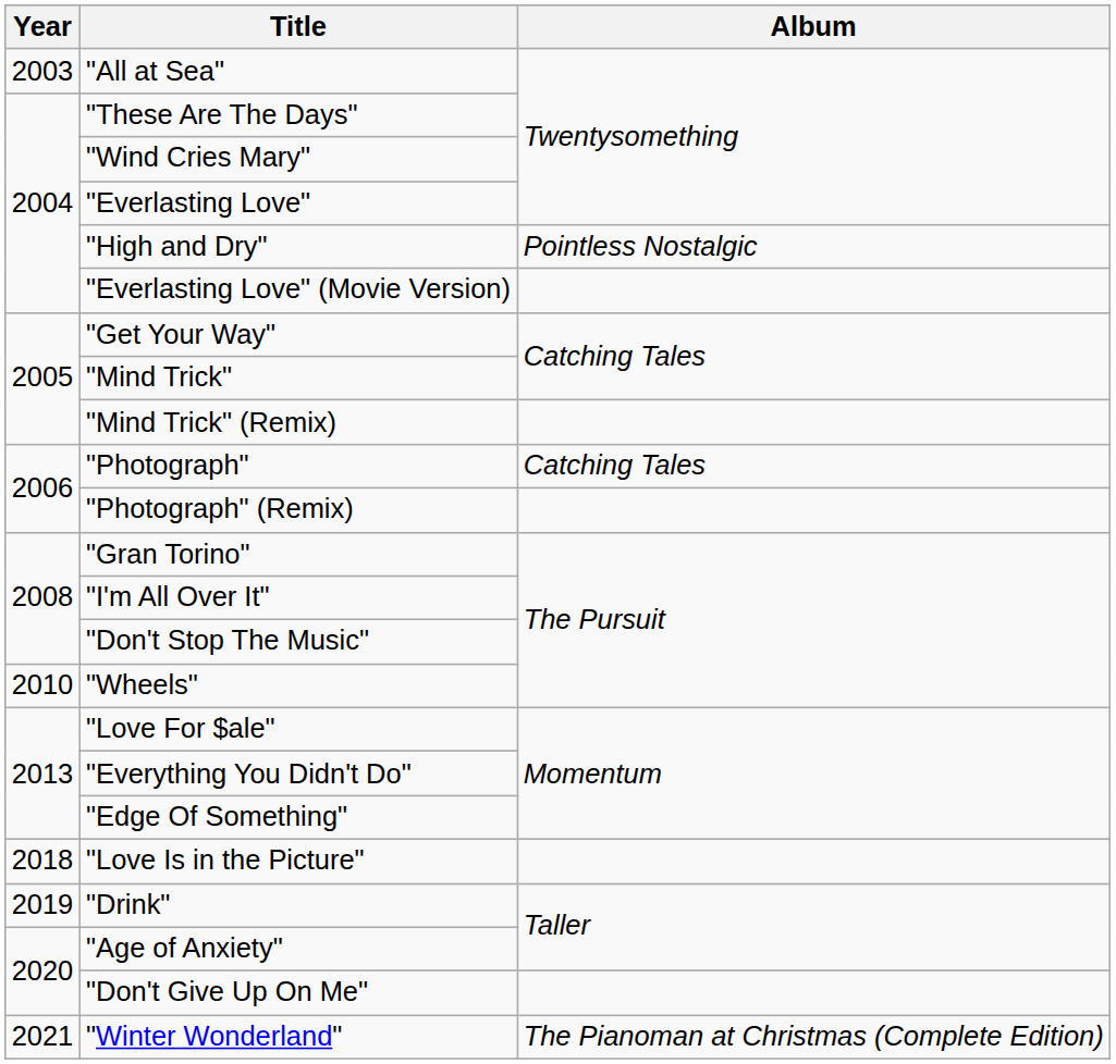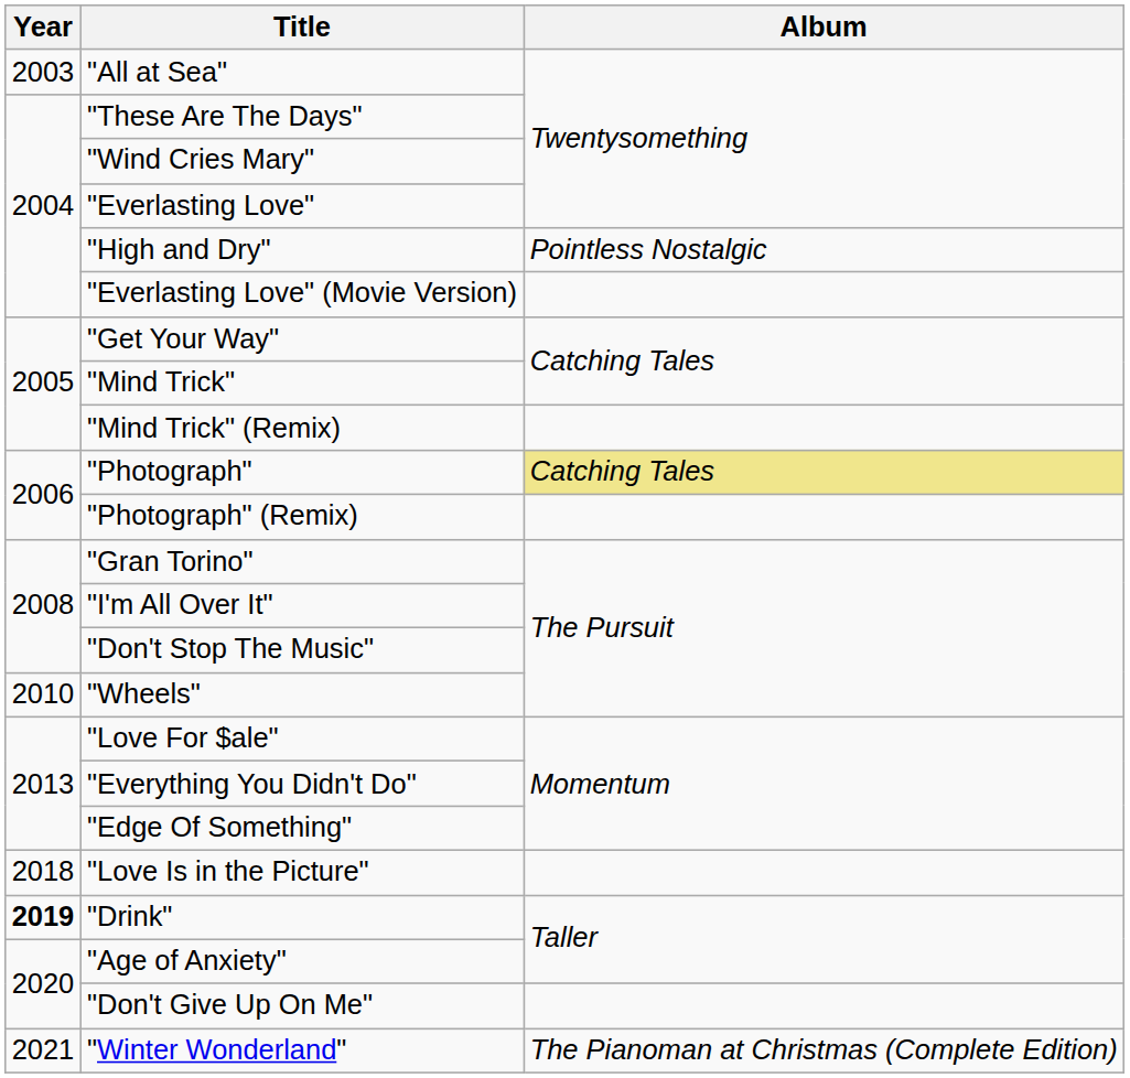 <table class="wikitable">
 <tr>
 <th>Year</th>
 <th>Title</th>
 <th>Album</th>
 </tr>
 <tr>
 <td>2003</td>
 <td>"All at Sea"</td>
 <td rowspan=4><em>Twentysomething</em></td>
 </tr>
 <tr>
 <td rowspan=5>2004</td>
 <td>"These Are The Days"</td>
 </tr>
 <tr>
 <td>"Wind Cries Mary"</td>
 </tr>
 <tr>
 <td>"Everlasting Love"</td>
 </tr>
 <tr>
 <td>"High and Dry"</td>
 <td><em>Pointless Nostalgic</em></td>
 </tr>
 <tr>
 <td>"Everlasting Love" (Movie Version)</td>
 <td></td>
 </tr>
 <tr>
 <td rowspan=3>2005</td>
 <td>"Get Your Way"</td>
 <td rowspan=2><em>Catching Tales</em></td>
 </tr>
 <tr>
 <td>"Mind Trick"</td>
 </tr>
 <tr>
 <td>"Mind Trick" (Remix)</td>
 <td></td>
 </tr>
 <tr>
 <td rowspan=2>2006</td>
 <td>"Photograph"</td>
-<td><em>Catching Tales</em></td>
+<td style="background: khaki;"><em>Catching Tales</em></td>
 </tr>
 <tr>
 <td>"Photograph" (Remix)</td>
 <td></td>
 </tr>
 <tr>
 <td rowspan=3>2008</td>
 <td>"Gran Torino"<br> </td>
 <td rowspan=4><em>The Pursuit</em></td>
 </tr>
 <tr>
 <td>"I'm All Over It"</td>
 </tr>
 <tr>
 <td>"Don't Stop The Music"</td>
 </tr>
 <tr>
 <td>2010</td>
 <td>"Wheels"</td>
 </tr>
 <tr>
 <td rowspan=3>2013</td>
 <td>"Love For $ale"<br> </td>
 <td rowspan=3><em>Momentum</em></td>
 </tr>
 <tr>
 <td>"Everything You Didn't Do"</td>
 </tr>
 <tr>
 <td>"Edge Of Something"</td>
 </tr>
 <tr>
 <td>2018</td>
 <td>"Love Is in the Picture"</td>
 <td></td>
 </tr>
 <tr>
-<td>2019</td>
+<td><strong>2019</strong></td>
 <td>"Drink"</td>
 <td rowspan=2><em>Taller</em></td>
 </tr>
 <tr>
 <td rowspan=2>2020</td>
 <td>"Age of Anxiety"</td>
 </tr>
 <tr>
 <td>"Don't Give Up On Me"</td>
 <td></td>
 </tr>
 <tr>
 <td>2021</td>
 <td>"<a href='#'>Winter Wonderland</a>"<br> </td>
 <td><em>The Pianoman at Christmas (Complete Edition)</em></td>
 </tr>
 </table>
